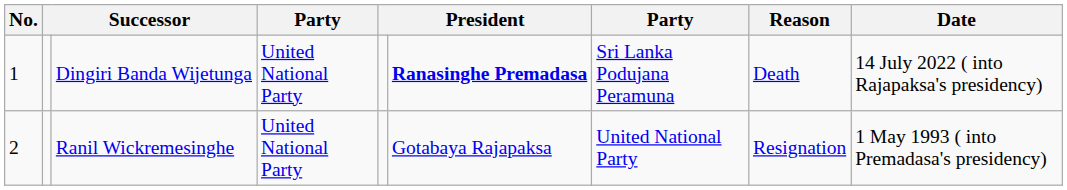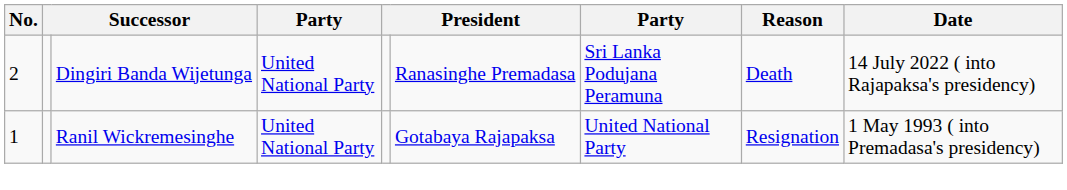 <table class="wikitable sortable">
 <tr>
 <th><abbr>No.</abbr></th>
 <th colspan=2>Successor</th>
 <th>Party</th>
 <th colspan=2>President</th>
 <th>Party</th>
 <th>Reason</th>
 <th>Date</th>
 </tr>
 <tr>
-<td>1</td>
+<td>2</td>
 <td style="background: "></td>
 <td nowrap><a href='#'>Dingiri Banda Wijetunga</a></td>
 <td><a href='#'>United National Party</a></td>
 <td style="background: "></td>
-<td nowrap><strong><a href='#'>Ranasinghe Premadasa</a></strong></td>
+<td nowrap><a href='#'>Ranasinghe Premadasa</a></td>
 <td><a href='#'>Sri Lanka Podujana Peramuna</a></td>
 <td><a href='#'>Death</a></td>
 <td>14 July 2022 ( into Rajapaksa's presidency)</td>
 </tr>
 <tr>
-<td>2</td>
+<td>1</td>
 <td style="background: "></td>
 <td nowrap><a href='#'>Ranil Wickremesinghe</a></td>
 <td><a href='#'>United National Party</a></td>
 <td style="background: "></td>
 <td nowrap><a href='#'>Gotabaya Rajapaksa</a></td>
 <td><a href='#'>United National Party</a></td>
 <td><a href='#'>Resignation</a></td>
 <td>1 May 1993 ( into Premadasa's presidency)</td>
 </tr>
 </table>
